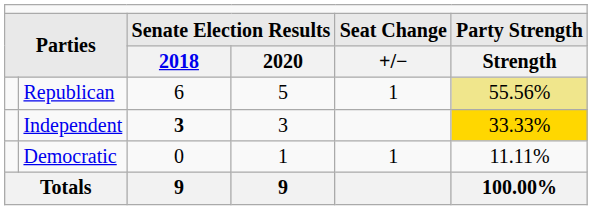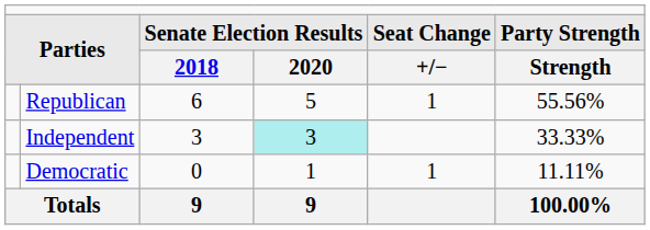 <table class   ="wikitable">
 <tr>
 <td colspan="6"></td>
 </tr>
 <tr>
 <th style   ="background:#e9e9e9; text-align:center" rowspan="2" colspan="2">Parties</th>
 <th style   ="background:#e9e9e9; text-align:center" colspan="2">Senate Election Results</th>
 <th style   ="background:#e9e9e9; text-align:center" colspan="1">Seat Change</th>
 <th style   ="background:#e9e9e9; text-align:center" colspan="1">Party Strength</th>
 </tr>
 <tr style ="background:#e9e9e9">
 <th><a href='#'>2018</a></th>
 <th>2020</th>
 <th>+/−</th>
 <th>Strength</th>
 </tr>
 <tr>
 <td style="background-color:"> </td>
 <td><a href='#'>Republican</a></td>
 <td align = center>6</td>
 <td align = center>5</td>
 <td align = center>1 </td>
-<td align = center style="background: khaki;">55.56%</td>
+<td align = center>55.56%</td>
 </tr>
 <tr>
 <td style="background-color:"> </td>
 <td><a href='#'>Independent</a></td>
-<td align = center><strong>3</strong></td>
 <td align = center>3</td>
+<td align = center style="background: paleturquoise;">3</td>
 <td align = center></td>
-<td align = center style="background: gold;">33.33%</td>
+<td align = center>33.33%</td>
 </tr>
 <tr>
 <td style="background-color:"> </td>
 <td><a href='#'>Democratic</a></td>
 <td align = center>0</td>
 <td align = center>1</td>
 <td align = center>1 </td>
 <td align = center>11.11%</td>
 </tr>
 <tr style = "background:#ccc">
 <th colspan = "2">Totals</th>
 <th>9</th>
 <th>9</th>
 <th></th>
 <th>100.00%</th>
 </tr>
 </table>
